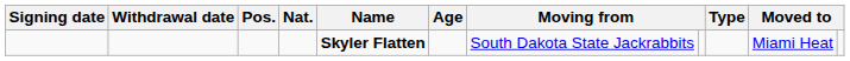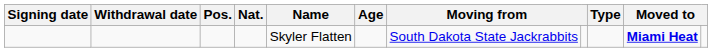 <table class="wikitable sortable">
 <tr>
 <th>Signing date</th>
 <th>Withdrawal date</th>
 <th>Pos.</th>
 <th>Nat.</th>
 <th>Name</th>
 <th>Age</th>
 <th colspan=2>Moving from</th>
 <th>Type</th>
 <th colspan=2>Moved to</th>
 </tr>
 <tr>
 <td></td>
 <td></td>
 <td></td>
 <td></td>
-<td><strong>Skyler Flatten</strong></td>
+<td>Skyler Flatten</td>
 <td></td>
 <td><a href='#'>South Dakota State Jackrabbits</a></td>
 <td></td>
 <td></td>
-<td><a href='#'>Miami Heat</a></td>
+<td><strong><a href='#'>Miami Heat</a></strong></td>
 <td></td>
 </tr>
 </table>
